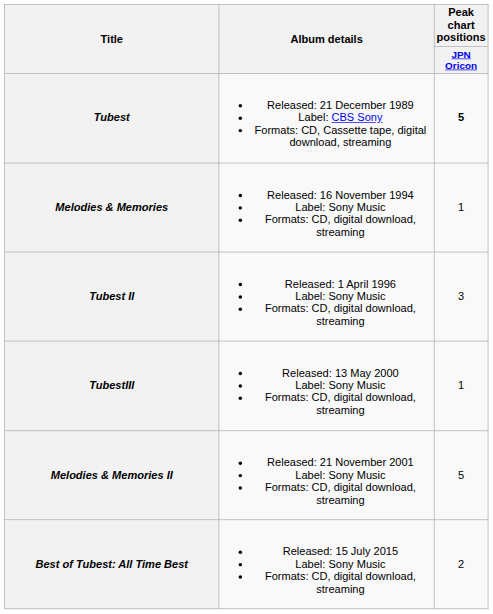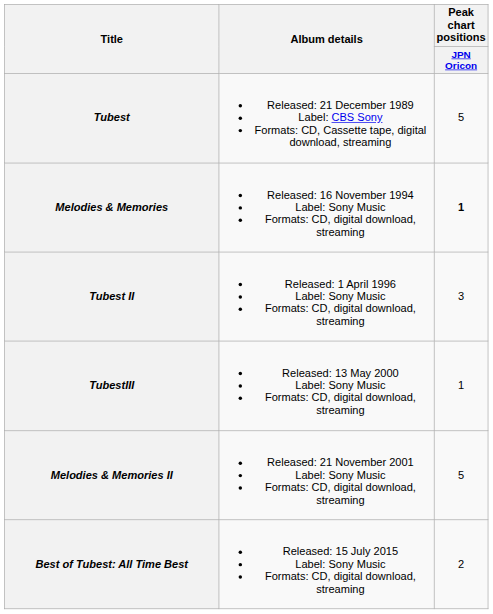 <table class="wikitable plainrowheaders" style="text-align:center;">
 <tr>
 <th scope="col" rowspan="2" style="width:19em;">Title</th>
 <th scope="col" rowspan="2" style="width:19em;">Album details</th>
 <th scope="col">Peak chart positions</th>
 </tr>
 <tr>
 <th scope="col" style="width:2.9em;font-size:90%;"><a href='#'>JPN<br>Oricon</a><br></th>
 </tr>
 <tr>
 <th scope="row"><em>Tubest</em></th>
 <td><br><ul><li>Released: 21 December 1989</li><li>Label: <a href='#'>CBS Sony</a></li><li>Formats: CD, Cassette tape, digital download, streaming</li></ul></td>
-<td><strong>5</strong></td>
+<td>5</td>
 </tr>
 <tr>
 <th scope="row"><em>Melodies & Memories</em></th>
 <td><br><ul><li>Released: 16 November 1994</li><li>Label: Sony Music</li><li>Formats: CD, digital download, streaming</li></ul></td>
-<td>1</td>
+<td><strong>1</strong></td>
 </tr>
 <tr>
 <th scope="row"><em>Tubest II</em></th>
 <td><br><ul><li>Released: 1 April 1996</li><li>Label: Sony Music</li><li>Formats: CD, digital download, streaming</li></ul></td>
 <td>3</td>
 </tr>
 <tr>
 <th scope="row"><em>TubestIII</em></th>
 <td><br><ul><li>Released: 13 May 2000</li><li>Label: Sony Music</li><li>Formats: CD, digital download, streaming</li></ul></td>
 <td>1</td>
 </tr>
 <tr>
 <th scope="row"><em>Melodies & Memories II</em></th>
 <td><br><ul><li>Released: 21 November 2001</li><li>Label: Sony Music</li><li>Formats: CD, digital download, streaming</li></ul></td>
 <td>5</td>
 </tr>
 <tr>
 <th scope="row"><em>Best of Tubest: All Time Best</em></th>
 <td><br><ul><li>Released: 15 July 2015</li><li>Label: Sony Music</li><li>Formats: CD, digital download, streaming</li></ul></td>
 <td>2</td>
 </tr>
 </table>
